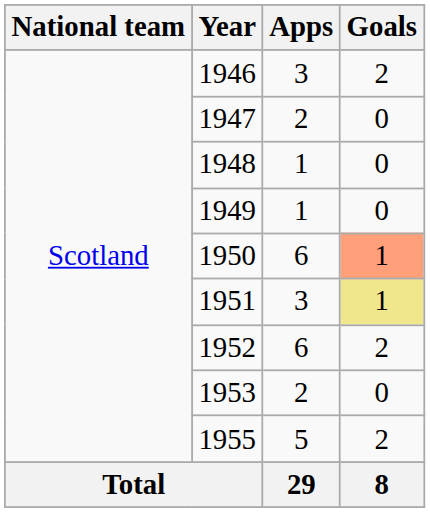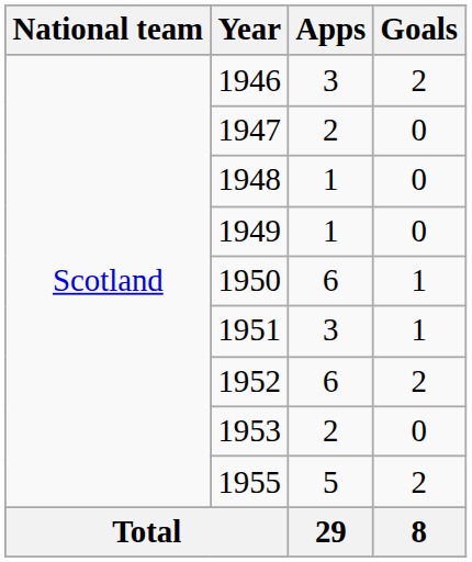 <table class=wikitable style="text-align:center">
 <tr>
 <th>National team</th>
 <th>Year</th>
 <th>Apps</th>
 <th>Goals</th>
 </tr>
 <tr>
 <td rowspan="9"><a href='#'>Scotland</a></td>
 <td>1946</td>
 <td>3</td>
 <td>2</td>
 </tr>
 <tr>
 <td>1947</td>
 <td>2</td>
 <td>0</td>
 </tr>
 <tr>
 <td>1948</td>
 <td>1</td>
 <td>0</td>
 </tr>
 <tr>
 <td>1949</td>
 <td>1</td>
 <td>0</td>
 </tr>
 <tr>
 <td>1950</td>
 <td>6</td>
-<td style="background: lightsalmon;">1</td>
+<td>1</td>
 </tr>
 <tr>
 <td>1951</td>
 <td>3</td>
-<td style="background: khaki;">1</td>
+<td>1</td>
 </tr>
 <tr>
 <td>1952</td>
 <td>6</td>
 <td>2</td>
 </tr>
 <tr>
 <td>1953</td>
 <td>2</td>
 <td>0</td>
 </tr>
 <tr>
 <td>1955</td>
 <td>5</td>
 <td>2</td>
 </tr>
 <tr>
 <th colspan="2">Total</th>
 <th>29</th>
 <th>8</th>
 </tr>
 </table>
